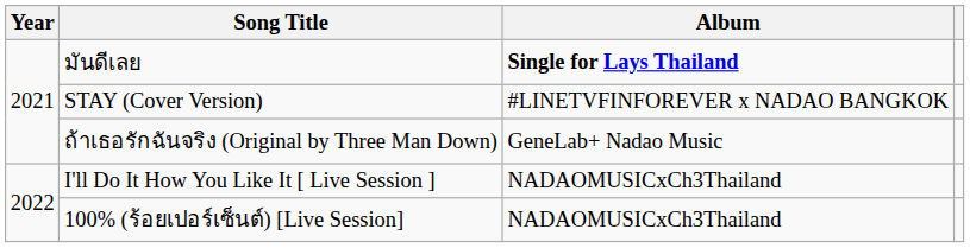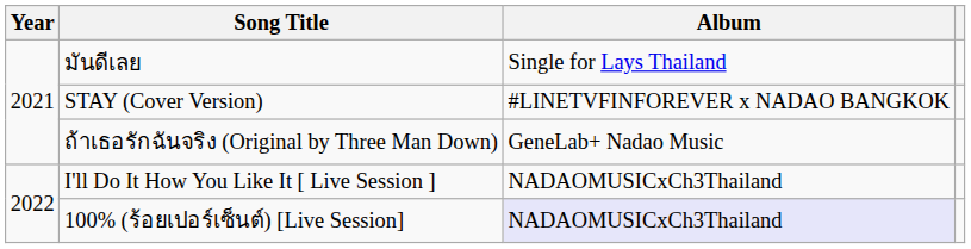 <table class="wikitable">
 <tr>
 <th>Year</th>
 <th>Song Title</th>
 <th>Album</th>
 <th></th>
 </tr>
 <tr>
 <td rowspan="3">2021</td>
 <td>มันดีเลย <br></td>
-<td><strong>Single for <a href='#'>Lays Thailand</a></strong></td>
+<td>Single for <a href='#'>Lays Thailand</a></td>
 <td style="text-align: center;"></td>
 </tr>
 <tr>
 <td>STAY (Cover Version)</td>
 <td>#LINETVFINFOREVER x NADAO BANGKOK</td>
 <td></td>
 </tr>
 <tr>
 <td>ถ้าเธอรักฉันจริง (Original by Three Man Down)</td>
 <td>GeneLab+ Nadao Music</td>
 <td></td>
 </tr>
 <tr>
 <td rowspan="2">2022</td>
 <td>I'll Do It How You Like It [ Live Session ]<br></td>
 <td>NADAOMUSICxCh3Thailand</td>
 <td></td>
 </tr>
 <tr>
 <td>100% (ร้อยเปอร์เซ็นต์) [Live Session]<br></td>
-<td>NADAOMUSICxCh3Thailand</td>
+<td style="background: lavender;">NADAOMUSICxCh3Thailand</td>
 <td></td>
 </tr>
 </table>
